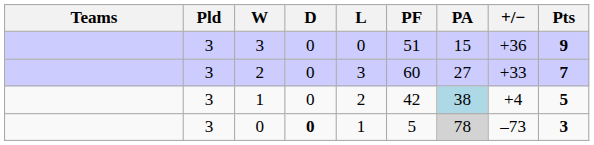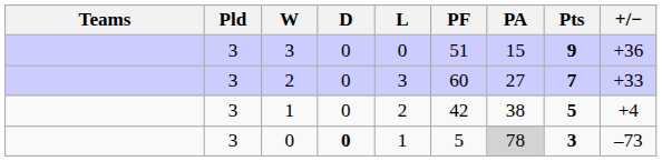 <table class="wikitable" style="text-align: center;">
 <tr>
 <th width="160">Teams</th>
 <th width="40">Pld</th>
 <th width="40">W</th>
 <th width="40">D</th>
 <th width="40">L</th>
 <th width="40">PF</th>
 <th width="40">PA</th>
+<th width="40">Pts</th>
 <th width="40">+/−</th>
-<th width="40">Pts</th>
 </tr>
 <tr bgcolor=ccccff>
 <td align=left></td>
 <td>3</td>
 <td>3</td>
 <td>0</td>
 <td>0</td>
 <td>51</td>
 <td>15</td>
+<td><strong>9</strong></td>
 <td>+36</td>
-<td><strong>9</strong></td>
 </tr>
 <tr bgcolor=ccccff>
 <td align=left></td>
 <td>3</td>
 <td>2</td>
 <td>0</td>
 <td>3</td>
 <td>60</td>
 <td>27</td>
+<td><strong>7</strong></td>
 <td>+33</td>
-<td><strong>7</strong></td>
 </tr>
 <tr>
 <td align=left></td>
 <td>3</td>
 <td>1</td>
 <td>0</td>
 <td>2</td>
 <td>42</td>
-<td style="background: lightblue;">38</td>
+<td>38</td>
+<td><strong>5</strong></td>
 <td>+4</td>
-<td><strong>5</strong></td>
 </tr>
 <tr>
 <td align=left></td>
 <td>3</td>
 <td>0</td>
 <td><strong>0</strong></td>
 <td>1</td>
 <td>5</td>
 <td style="background: lightgrey;">78</td>
+<td><strong>3</strong></td>
 <td>–73</td>
-<td><strong>3</strong></td>
 </tr>
 </table>
